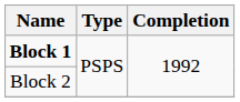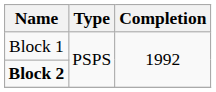 <table class="wikitable" style="text-align: center">
 <tr>
 <th>Name</th>
 <th>Type</th>
 <th>Completion</th>
 </tr>
 <tr>
-<td><strong>Block 1</strong></td>
+<td>Block 1</td>
 <td rowspan="2">PSPS</td>
 <td rowspan="2">1992</td>
 </tr>
 <tr>
-<td>Block 2</td>
+<td><strong>Block 2</strong></td>
 </tr>
 <tr>
 </tr>
 </table>
